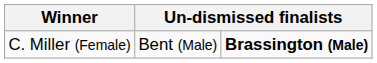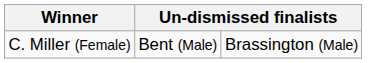 <table class="wikitable mw-collapsible">
 <tr>
 <th>Winner</th>
 <th colspan="2">Un-dismissed finalists</th>
 </tr>
 <tr>
 <td>C. Miller <small>(Female)</small></td>
 <td>Bent <small>(Male)</small></td>
-<td><strong>Brassington <small>(Male)</small></strong></td>
+<td>Brassington <small>(Male)</small></td>
 </tr>
 </table>
